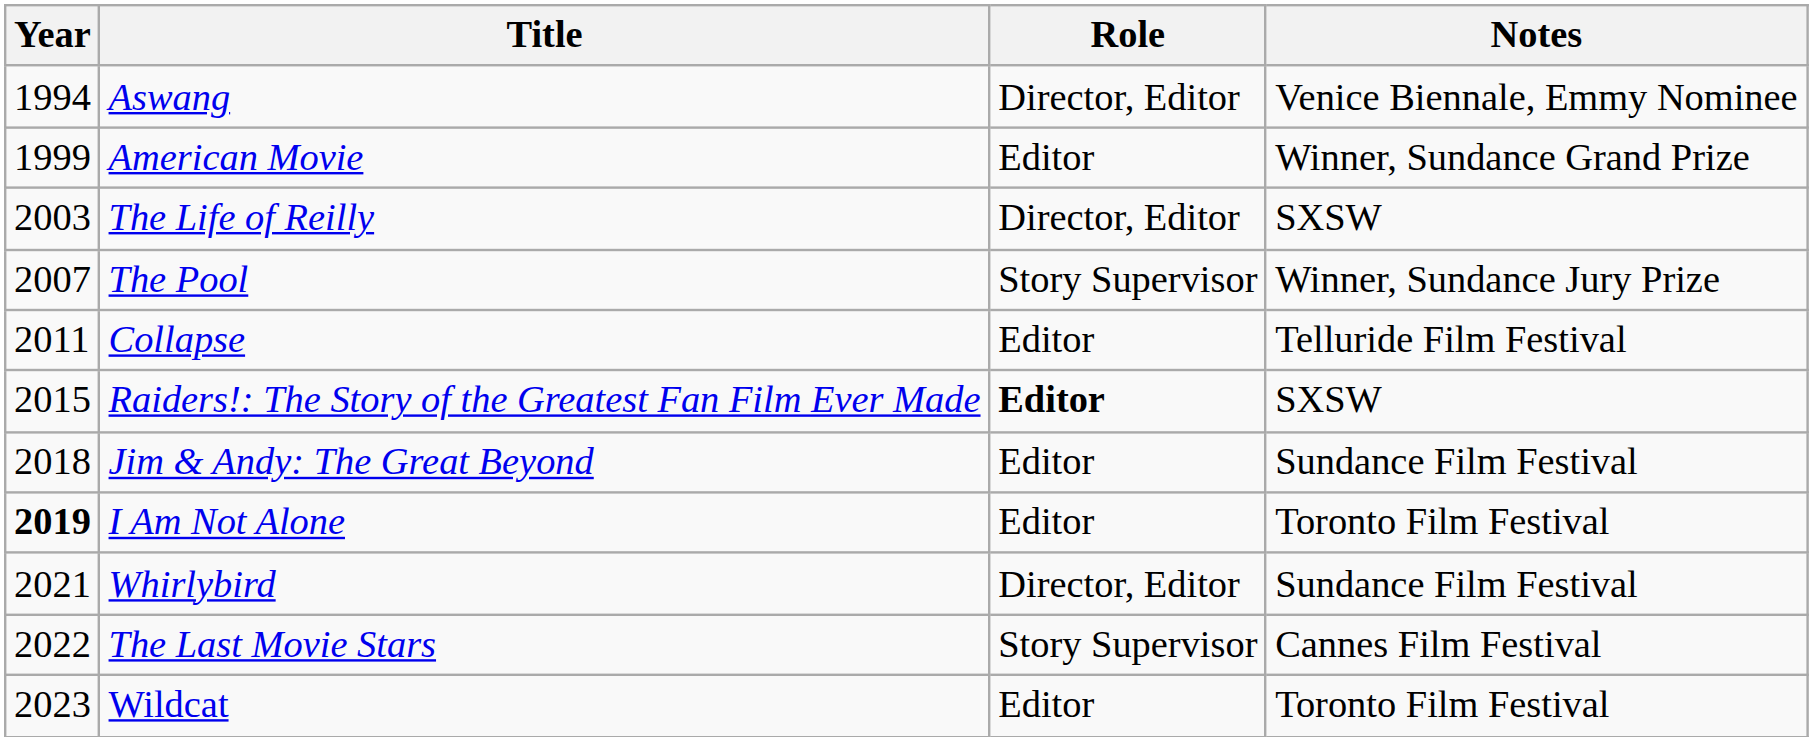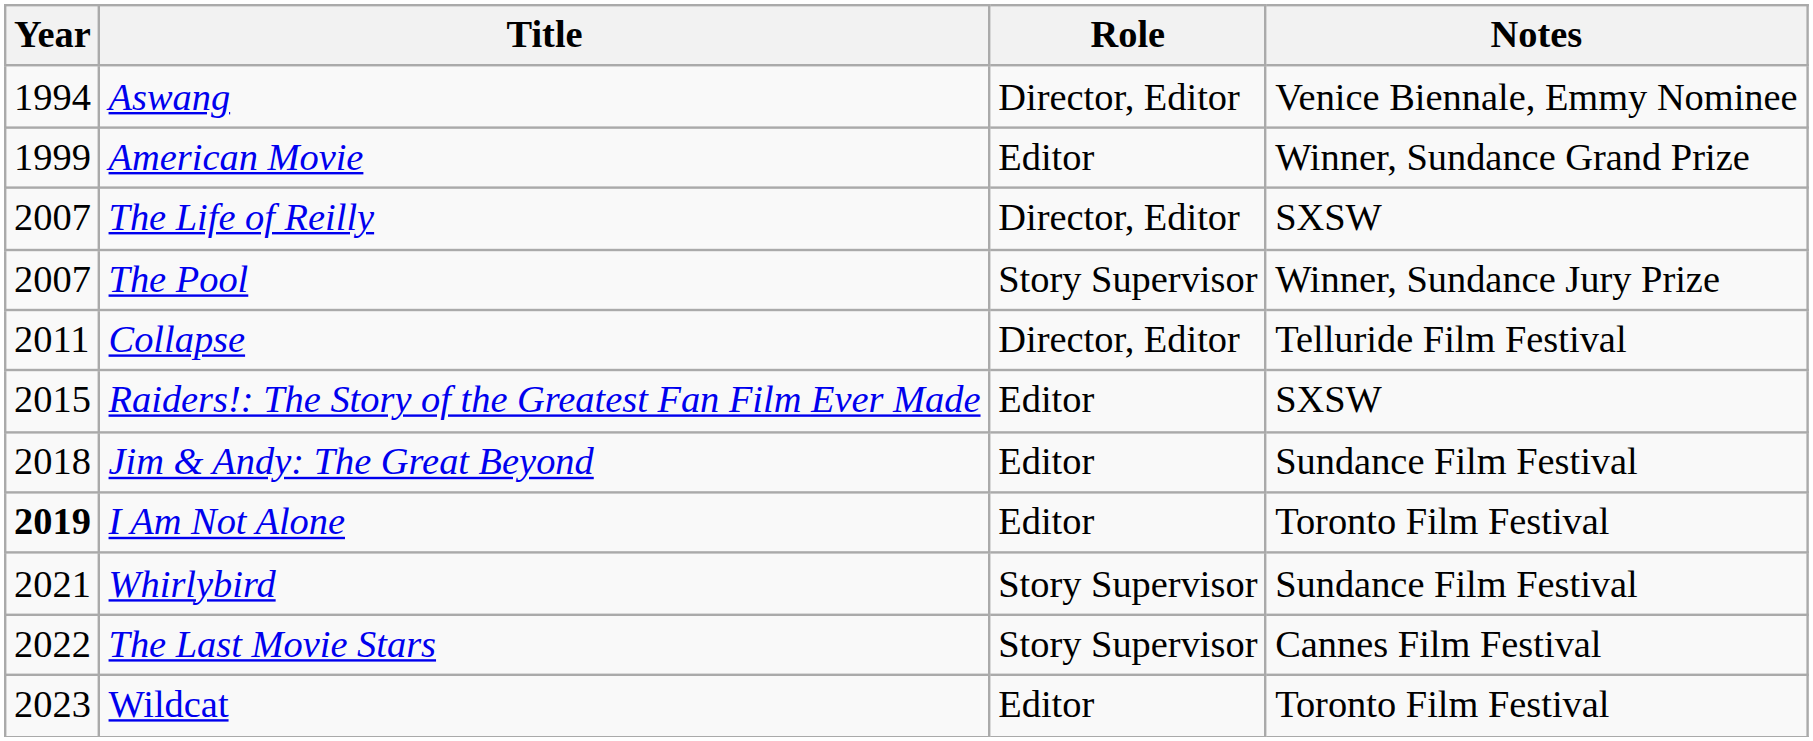 <table class="wikitable sortable" style="border:none; margin:0;">
 <tr valign="bottom">
 <th scope="col">Year</th>
 <th scope="col">Title</th>
 <th scope="col">Role</th>
 <th scope="col">Notes</th>
 </tr>
 <tr>
 <td>1994</td>
 <td><a href='#'><em>Aswang</em></a></td>
 <td>Director, Editor</td>
 <td>Venice Biennale, Emmy Nominee</td>
 </tr>
 <tr>
 <td>1999</td>
 <td><em><a href='#'>American Movie</a></em></td>
 <td>Editor</td>
 <td>Winner, Sundance Grand Prize</td>
 </tr>
 <tr>
-<td>2003</td>
+<td>2007</td>
 <td><em><a href='#'>The Life of Reilly</a></em></td>
 <td>Director, Editor</td>
 <td>SXSW</td>
 </tr>
 <tr>
 <td>2007</td>
 <td><a href='#'><em>The Pool</em></a></td>
 <td>Story Supervisor</td>
 <td>Winner, Sundance Jury Prize</td>
 </tr>
 <tr>
 <td>2011</td>
 <td><a href='#'><em>Collapse</em></a></td>
-<td>Editor</td>
+<td>Director, Editor</td>
 <td>Telluride Film Festival</td>
 </tr>
 <tr>
 <td>2015</td>
 <td><em><a href='#'>Raiders!: The Story of the Greatest Fan Film Ever Made</a></em></td>
-<td><strong>Editor</strong></td>
+<td>Editor</td>
 <td>SXSW</td>
 </tr>
 <tr>
 <td>2018</td>
 <td><em><a href='#'>Jim & Andy: The Great Beyond</a></em></td>
 <td>Editor</td>
 <td>Sundance Film Festival</td>
 </tr>
 <tr>
 <td><strong>2019</strong></td>
 <td><em><a href='#'>I Am Not Alone</a></em></td>
 <td>Editor</td>
 <td>Toronto Film Festival</td>
 </tr>
 <tr>
 <td>2021</td>
 <td><a href='#'><em>Whirlybird</em></a></td>
-<td>Director, Editor</td>
+<td>Story Supervisor</td>
 <td>Sundance Film Festival</td>
 </tr>
 <tr>
 <td>2022</td>
 <td><em><a href='#'>The Last Movie Stars</a></em></td>
 <td>Story Supervisor</td>
 <td>Cannes Film Festival</td>
 </tr>
 <tr>
 <td>2023</td>
 <td><em><a href='#'></em>Wildcat<em></a></em></td>
 <td>Editor</td>
 <td>Toronto Film Festival</td>
 </tr>
 </table>
